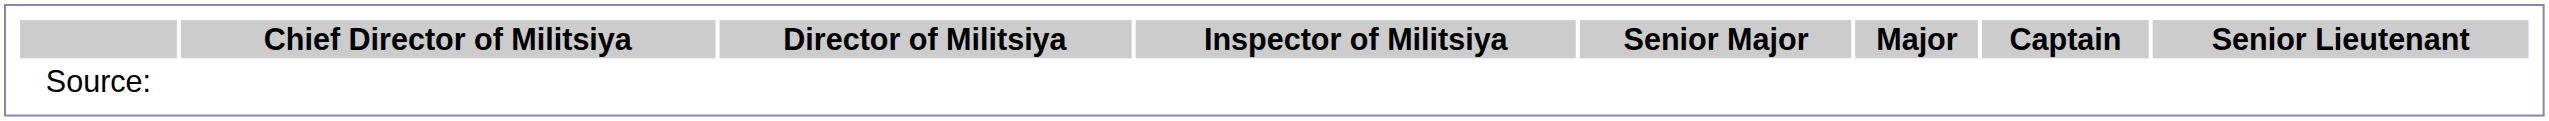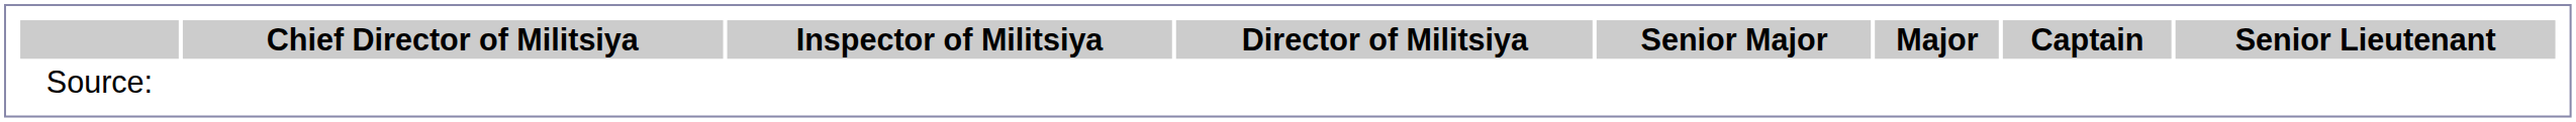 <table style="width:100%; border:1px solid #8888aa; background:#fff; padding:5px; font-size:95%; margin:0 12px 12px 0; text-align:center; ">
 <tr style="background:#ccc;">
 <th></th>
 <th colspan="1">Chief Director of Militsiya</th>
+<th colspan="1">Inspector of Militsiya</th>
 <th colspan="1">Director of Militsiya</th>
-<th colspan="1">Inspector of Militsiya</th>
 <th colspan="1">Senior Major</th>
 <th colspan="1">Major</th>
 <th colspan="1">Captain</th>
 <th colspan="1">Senior Lieutenant</th>
 </tr>
 <tr style="text-align:center;">
 <td>Source:</td>
 <td></td>
 <td></td>
 <td></td>
 <td></td>
 <td></td>
 <td></td>
 <td></td>
 </tr>
 </table>
